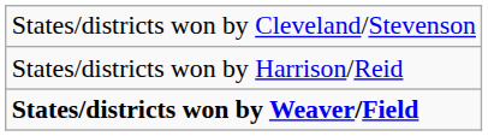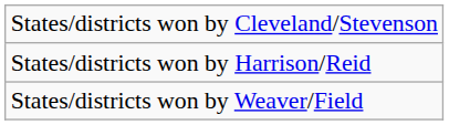 <table class="wikitable">
 <tr>
 <td>States/districts won by <a href='#'>Cleveland</a>/<a href='#'>Stevenson</a></td>
 </tr>
 <tr>
 <td>States/districts won by <a href='#'>Harrison</a>/<a href='#'>Reid</a></td>
 </tr>
 <tr>
-<td><strong>States/districts won by <a href='#'>Weaver</a>/<a href='#'>Field</a></strong></td>
+<td>States/districts won by <a href='#'>Weaver</a>/<a href='#'>Field</a></td>
 </tr>
 </table>
